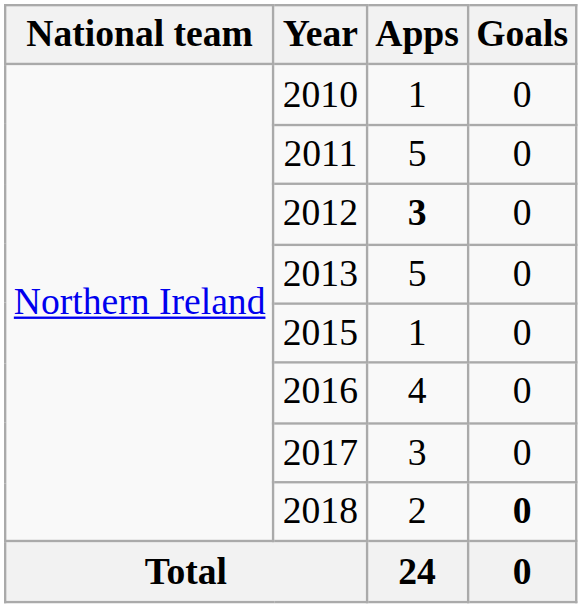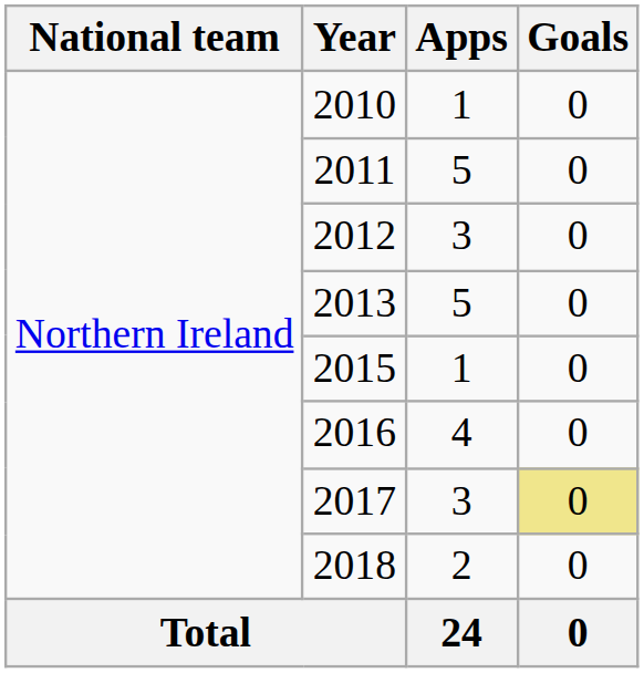 <table class=wikitable style="text-align: center;">
 <tr>
 <th>National team</th>
 <th>Year</th>
 <th>Apps</th>
 <th>Goals</th>
 </tr>
 <tr>
 <td rowspan=8><a href='#'>Northern Ireland</a></td>
 <td>2010</td>
 <td>1</td>
 <td>0</td>
 </tr>
 <tr>
 <td>2011</td>
 <td>5</td>
 <td>0</td>
 </tr>
 <tr>
 <td>2012</td>
-<td><strong>3</strong></td>
+<td>3</td>
 <td>0</td>
 </tr>
 <tr>
 <td>2013</td>
 <td>5</td>
 <td>0</td>
 </tr>
 <tr>
 <td>2015</td>
 <td>1</td>
 <td>0</td>
 </tr>
 <tr>
 <td>2016</td>
 <td>4</td>
 <td>0</td>
 </tr>
 <tr>
 <td>2017</td>
 <td>3</td>
-<td>0</td>
+<td style="background: khaki;">0</td>
 </tr>
 <tr>
 <td>2018</td>
 <td>2</td>
-<td><strong>0</strong></td>
+<td>0</td>
 </tr>
 <tr>
 <th colspan=2>Total</th>
 <th>24</th>
 <th>0</th>
 </tr>
 </table>
